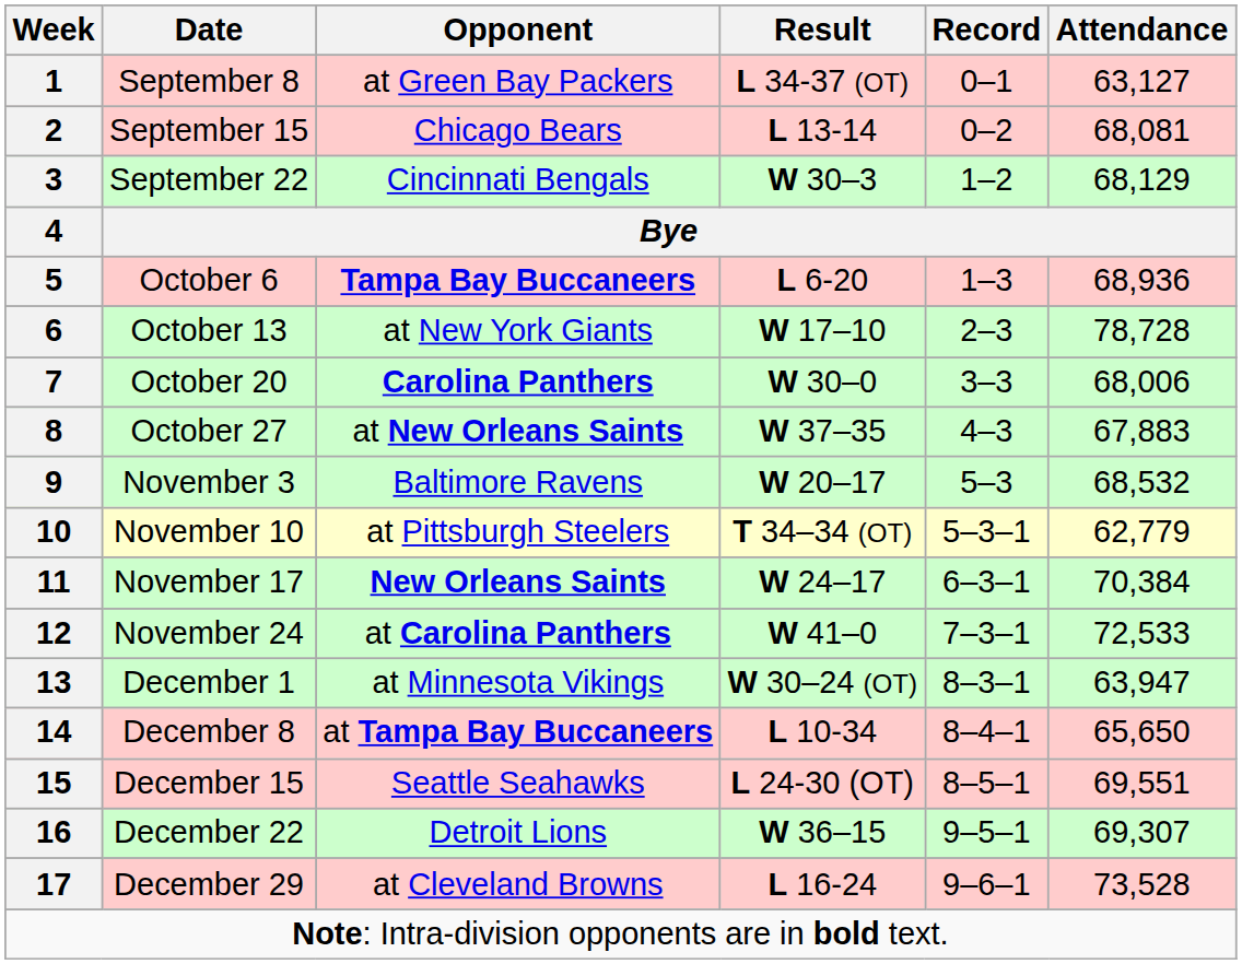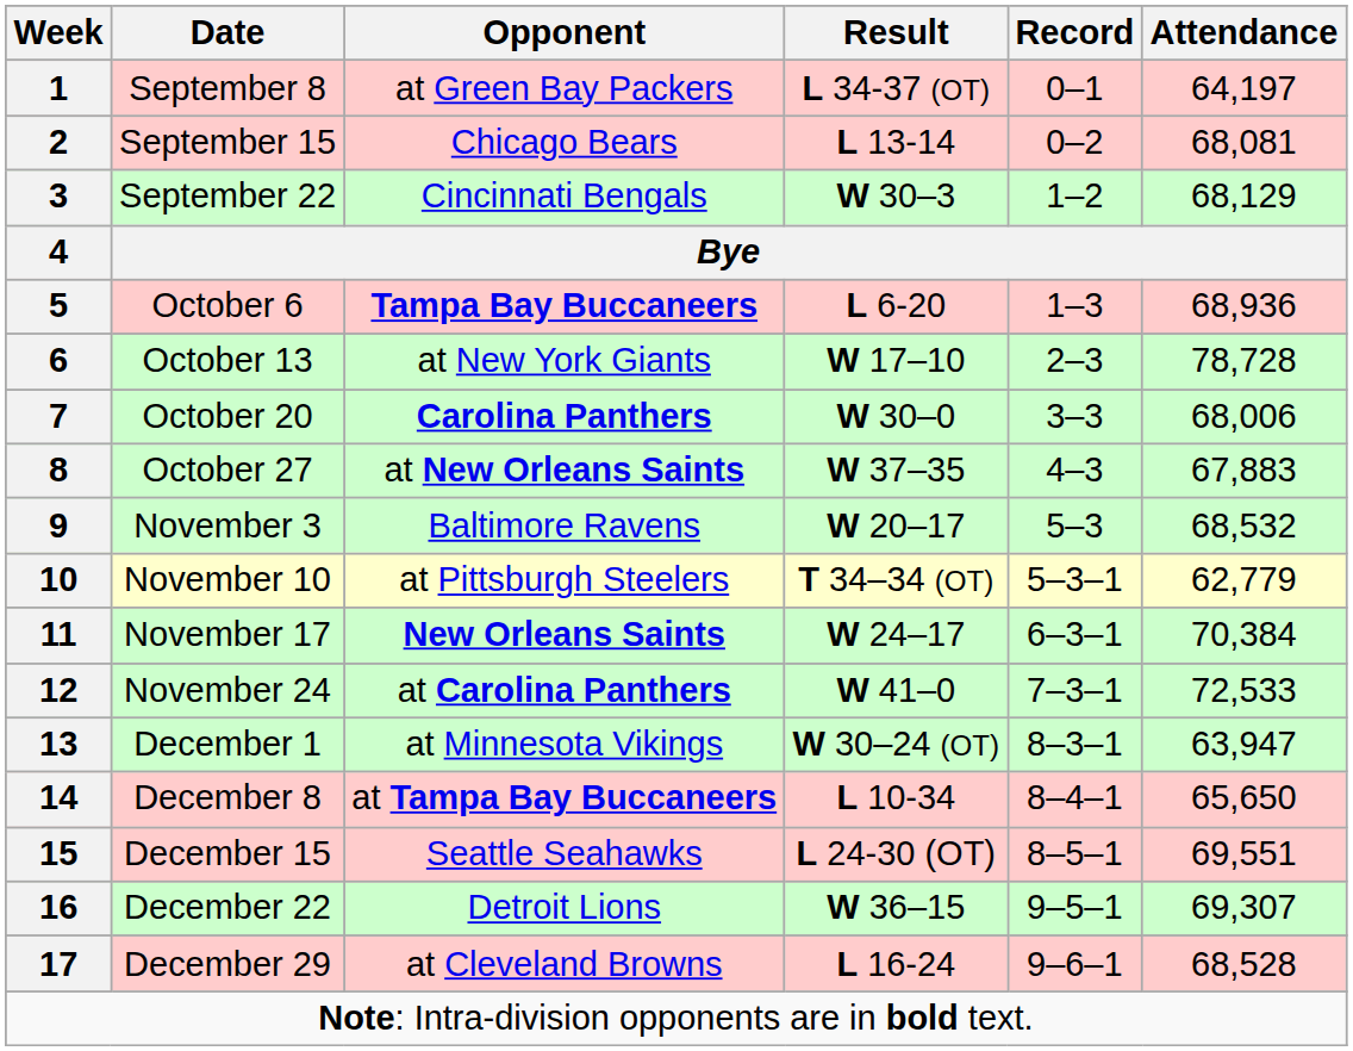 <table class="wikitable" style="text-align:center">
 <tr>
 <th>Week</th>
 <th>Date</th>
 <th>Opponent</th>
 <th>Result</th>
 <th>Record</th>
 <th>Attendance</th>
 </tr>
 <tr style="background:#fcc">
 <th>1</th>
 <td>September 8</td>
 <td>at <a href='#'>Green Bay Packers</a></td>
 <td><strong>L</strong> 34-37 <small>(OT)</small></td>
 <td>0–1</td>
-<td>63,127</td>
+<td>64,197</td>
 </tr>
 <tr style="background:#fcc">
 <th>2</th>
 <td>September 15</td>
 <td><a href='#'>Chicago Bears</a></td>
 <td><strong>L</strong> 13-14</td>
 <td>0–2</td>
 <td>68,081</td>
 </tr>
 <tr style="background:#cfc">
 <th>3</th>
 <td>September 22</td>
 <td><a href='#'>Cincinnati Bengals</a></td>
 <td><strong>W</strong> 30–3</td>
 <td>1–2</td>
 <td>68,129</td>
 </tr>
 <tr>
 <th>4</th>
 <th colspan="5"><em>Bye</em></th>
 </tr>
 <tr style="background:#fcc">
 <th>5</th>
 <td>October 6</td>
 <td><strong><a href='#'>Tampa Bay Buccaneers</a></strong></td>
 <td><strong>L</strong> 6-20</td>
 <td>1–3</td>
 <td>68,936</td>
 </tr>
 <tr style="background:#cfc">
 <th>6</th>
 <td>October 13</td>
 <td>at <a href='#'>New York Giants</a></td>
 <td><strong>W</strong> 17–10</td>
 <td>2–3</td>
 <td>78,728</td>
 </tr>
 <tr style="background:#cfc">
 <th>7</th>
 <td>October 20</td>
 <td><strong><a href='#'>Carolina Panthers</a></strong></td>
 <td><strong>W</strong> 30–0</td>
 <td>3–3</td>
 <td>68,006</td>
 </tr>
 <tr style="background:#cfc">
 <th>8</th>
 <td>October 27</td>
 <td>at <strong><a href='#'>New Orleans Saints</a></strong></td>
 <td><strong>W</strong> 37–35</td>
 <td>4–3</td>
 <td>67,883</td>
 </tr>
 <tr style="background:#cfc">
 <th>9</th>
 <td>November 3</td>
 <td><a href='#'>Baltimore Ravens</a></td>
 <td><strong>W</strong> 20–17</td>
 <td>5–3</td>
 <td>68,532</td>
 </tr>
 <tr style="background:#ffc">
 <th>10</th>
 <td>November 10</td>
 <td>at <a href='#'>Pittsburgh Steelers</a></td>
 <td><strong>T</strong> 34–34 <small>(OT)</small></td>
 <td>5–3–1</td>
 <td>62,779</td>
 </tr>
 <tr style="background:#cfc">
 <th>11</th>
 <td>November 17</td>
 <td><strong><a href='#'>New Orleans Saints</a></strong></td>
 <td><strong>W</strong> 24–17</td>
 <td>6–3–1</td>
 <td>70,384</td>
 </tr>
 <tr style="background:#cfc">
 <th>12</th>
 <td>November 24</td>
 <td>at <strong><a href='#'>Carolina Panthers</a></strong></td>
 <td><strong>W</strong> 41–0</td>
 <td>7–3–1</td>
 <td>72,533</td>
 </tr>
 <tr style="background:#cfc">
 <th>13</th>
 <td>December 1</td>
 <td>at <a href='#'>Minnesota Vikings</a></td>
 <td><strong>W</strong> 30–24 <small>(OT)</small></td>
 <td>8–3–1</td>
 <td>63,947</td>
 </tr>
 <tr style="background:#fcc">
 <th>14</th>
 <td>December 8</td>
 <td>at <strong><a href='#'>Tampa Bay Buccaneers</a></strong></td>
 <td><strong>L</strong> 10-34</td>
 <td>8–4–1</td>
 <td>65,650</td>
 </tr>
 <tr style="background:#fcc">
 <th>15</th>
 <td>December 15</td>
 <td><a href='#'>Seattle Seahawks</a></td>
 <td><strong>L</strong> 24-30 (OT)</td>
 <td>8–5–1</td>
 <td>69,551</td>
 </tr>
 <tr style="background:#cfc">
 <th>16</th>
 <td>December 22</td>
 <td><a href='#'>Detroit Lions</a></td>
 <td><strong>W</strong> 36–15</td>
 <td>9–5–1</td>
 <td>69,307</td>
 </tr>
 <tr style="background:#fcc">
 <th>17</th>
 <td>December 29</td>
 <td>at <a href='#'>Cleveland Browns</a></td>
 <td><strong>L</strong> 16-24</td>
 <td>9–6–1</td>
-<td>73,528</td>
+<td>68,528</td>
 </tr>
 <tr>
 <td colspan="6"><strong>Note</strong>: Intra-division opponents are in <strong>bold</strong> text.</td>
 </tr>
 </table>
